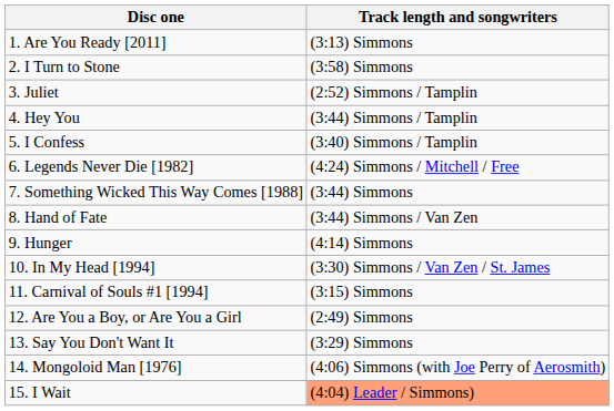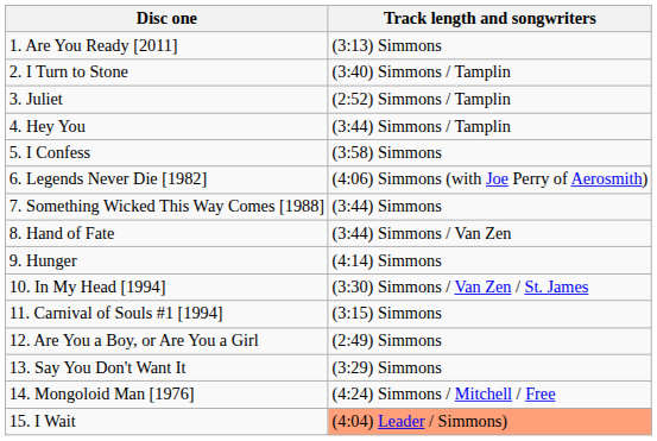 <table class="wikitable">
 <tr>
 <th>Disc one</th>
 <th>Track length and songwriters</th>
 </tr>
 <tr>
 <td>1. Are You Ready [2011]</td>
 <td>(3:13) Simmons</td>
 </tr>
 <tr>
 <td>2. I Turn to Stone</td>
-<td>(3:58) Simmons</td>
+<td>(3:40) Simmons / Tamplin</td>
 </tr>
 <tr>
 <td>3. Juliet</td>
 <td>(2:52) Simmons / Tamplin</td>
 </tr>
 <tr>
 <td>4. Hey You</td>
 <td>(3:44) Simmons / Tamplin</td>
 </tr>
 <tr>
 <td>5. I Confess</td>
-<td>(3:40) Simmons / Tamplin</td>
+<td>(3:58) Simmons</td>
 </tr>
 <tr>
 <td>6. Legends Never Die [1982]</td>
-<td>(4:24) Simmons / <a href='#'>Mitchell</a> / <a href='#'>Free</a></td>
+<td>(4:06) Simmons (with <a href='#'>Joe</a> Perry of <a href='#'>Aerosmith</a>)</td>
 </tr>
 <tr>
 <td>7. Something Wicked This Way Comes [1988]</td>
 <td>(3:44) Simmons</td>
 </tr>
 <tr>
 <td>8. Hand of Fate</td>
 <td>(3:44) Simmons / Van Zen</td>
 </tr>
 <tr>
 <td>9. Hunger</td>
 <td>(4:14) Simmons</td>
 </tr>
 <tr>
 <td>10. In My Head [1994]</td>
 <td>(3:30) Simmons / <a href='#'>Van Zen</a> / <a href='#'>St. James</a></td>
 </tr>
 <tr>
 <td>11. Carnival of Souls #1 [1994]</td>
 <td>(3:15) Simmons</td>
 </tr>
 <tr>
 <td>12. Are You a Boy, or Are You a Girl</td>
 <td>(2:49) Simmons</td>
 </tr>
 <tr>
 <td>13. Say You Don't Want It</td>
 <td>(3:29) Simmons</td>
 </tr>
 <tr>
 <td>14. Mongoloid Man [1976]</td>
-<td>(4:06) Simmons (with <a href='#'>Joe</a> Perry of <a href='#'>Aerosmith</a>)</td>
+<td>(4:24) Simmons / <a href='#'>Mitchell</a> / <a href='#'>Free</a></td>
 </tr>
 <tr>
 <td>15. I Wait</td>
 <td style="background: lightsalmon;">(4:04) <a href='#'>Leader</a> / Simmons)</td>
 </tr>
 </table>
